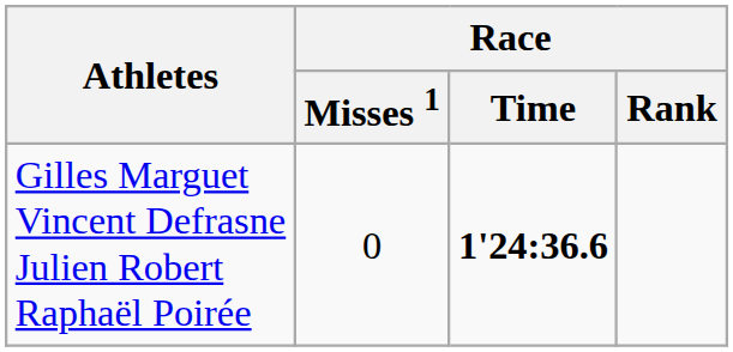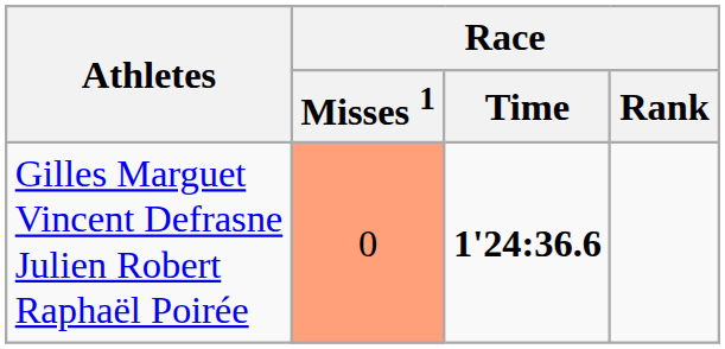 <table class="wikitable" border="1" style="font-size:90%">
 <tr>
 <th rowspan=2>Athletes</th>
 <th colspan=3>Race</th>
 </tr>
 <tr>
 <th>Misses <sup>1</sup></th>
 <th>Time</th>
 <th>Rank</th>
 </tr>
 <tr>
 <td><a href='#'>Gilles Marguet</a><br><a href='#'>Vincent Defrasne</a><br><a href='#'>Julien Robert</a><br><a href='#'>Raphaël Poirée</a></td>
-<td align=center>0</td>
+<td align=center style="background: lightsalmon;">0</td>
 <td align=center><strong>1'24:36.6</strong></td>
 <td align=center></td>
 </tr>
 </table>
